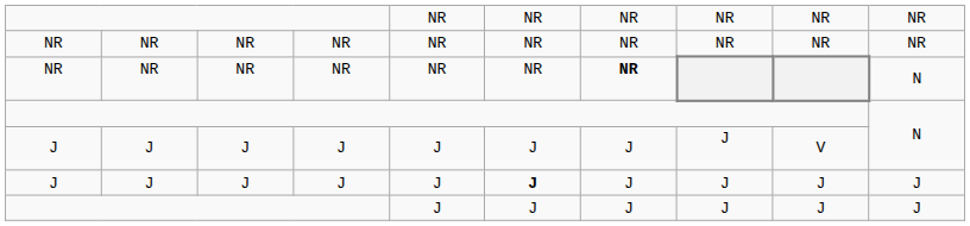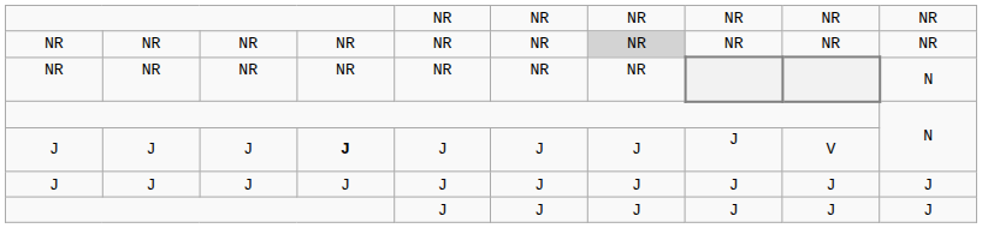 <table class="wikitable" style="text-align:center" width=800px>
 <tr>
 <td colspan=4></td>
 <td>NR</td>
 <td>NR</td>
 <td>NR</td>
 <td>NR</td>
 <td>NR</td>
 <td>NR</td>
 </tr>
 <tr>
 <td width=50px >NR</td>
 <td width=50px >NR</td>
 <td width=50px >NR</td>
 <td width=50px >NR</td>
 <td width=50px >NR</td>
 <td width=50px >NR</td>
-<td width=50px >NR</td>
+<td width=50px  style="background: lightgrey;">NR</td>
 <td width=50px >NR</td>
 <td width=50px >NR</td>
 <td width=50px >NR</td>
 </tr>
 <tr>
 <td>NR<br><br></td>
 <td>NR<br><br></td>
 <td>NR<br><br></td>
 <td>NR<br><br></td>
 <td>NR<br><br></td>
 <td>NR<br><br></td>
-<td><strong>NR<br><br></strong></td>
+<td>NR<br><br></td>
 <th style="border:2px solid gray"><br></th>
 <th style="border:2px solid gray"><br></th>
 <td>N</td>
 </tr>
 <tr>
 <td colspan=9 align=right> </td>
 <td rowspan=2 >N</td>
 </tr>
 <tr>
 <td>J</td>
 <td>J</td>
 <td>J</td>
-<td>J</td>
+<td><strong>J</strong></td>
 <td>J</td>
 <td>J<br></td>
 <td>J<br></td>
 <td>J<br><br></td>
 <td>V<br></td>
 </tr>
 <tr>
 <td>J</td>
 <td>J</td>
 <td>J</td>
 <td>J</td>
 <td>J</td>
-<td><strong>J</strong></td>
+<td>J</td>
 <td>J</td>
 <td>J</td>
 <td>J</td>
 <td>J</td>
 </tr>
 <tr>
 <td colspan=4></td>
 <td>J</td>
 <td>J</td>
 <td>J</td>
 <td>J</td>
 <td>J</td>
 <td>J</td>
 </tr>
 </table>
